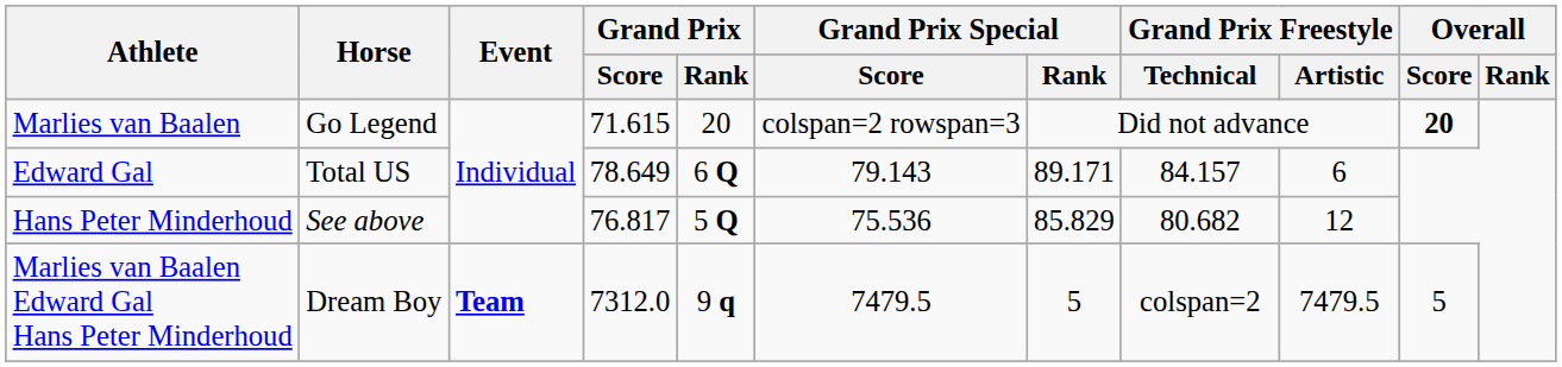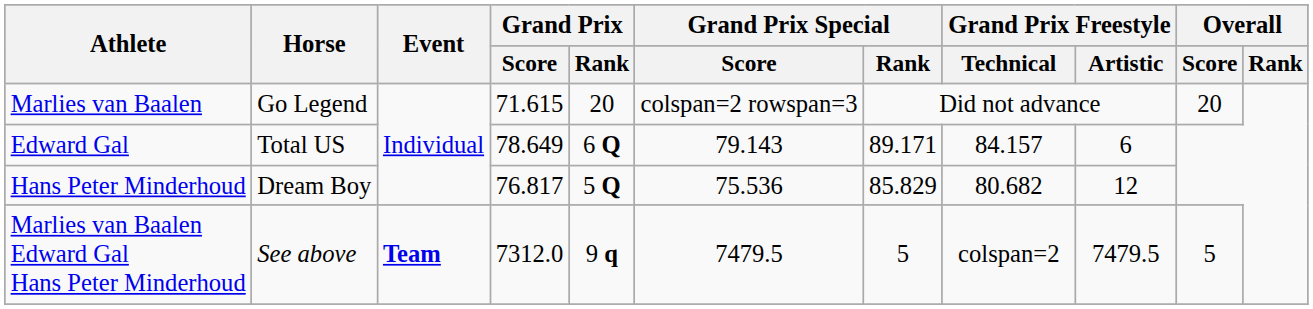 <table class=wikitable style=font-size:90%;>
 <tr>
 <th rowspan="2">Athlete</th>
 <th rowspan="2">Horse</th>
 <th rowspan="2">Event</th>
 <th colspan="2">Grand Prix</th>
 <th colspan="2">Grand Prix Special</th>
 <th colspan="2">Grand Prix Freestyle</th>
 <th colspan="2">Overall</th>
 </tr>
 <tr style="font-size:95%">
 <th>Score</th>
 <th>Rank</th>
 <th>Score</th>
 <th>Rank</th>
 <th>Technical</th>
 <th>Artistic</th>
 <th>Score</th>
 <th>Rank</th>
 </tr>
 <tr align=center>
 <td align=left><a href='#'>Marlies van Baalen</a></td>
 <td align=left>Go Legend</td>
 <td rowspan=3 align=left><a href='#'>Individual</a></td>
 <td>71.615</td>
 <td>20</td>
 <td>colspan=2 rowspan=3 </td>
 <td colspan=3>Did not advance</td>
-<td><strong>20</strong></td>
+<td>20</td>
 </tr>
 <tr align=center>
 <td align=left><a href='#'>Edward Gal</a></td>
 <td align=left>Total US</td>
 <td>78.649</td>
 <td>6 <strong>Q</strong></td>
 <td>79.143</td>
 <td>89.171</td>
 <td>84.157</td>
 <td>6</td>
 </tr>
 <tr align=center>
 <td align=left><a href='#'>Hans Peter Minderhoud</a></td>
-<td align=left><em>See above</em></td>
+<td align=left>Dream Boy</td>
 <td>76.817</td>
 <td>5 <strong>Q</strong></td>
 <td>75.536</td>
 <td>85.829</td>
 <td>80.682</td>
 <td>12</td>
 </tr>
 <tr align=center>
 <td align=left><a href='#'>Marlies van Baalen</a><br><a href='#'>Edward Gal</a><br><a href='#'>Hans Peter Minderhoud</a></td>
-<td align=left>Dream Boy</td>
+<td align=left><em>See above</em></td>
 <td align=left><strong><a href='#'>Team</a></strong></td>
 <td>7312.0</td>
 <td>9 <strong>q</strong></td>
 <td>7479.5</td>
 <td>5</td>
 <td>colspan=2 </td>
 <td>7479.5</td>
 <td>5</td>
 </tr>
 </table>
